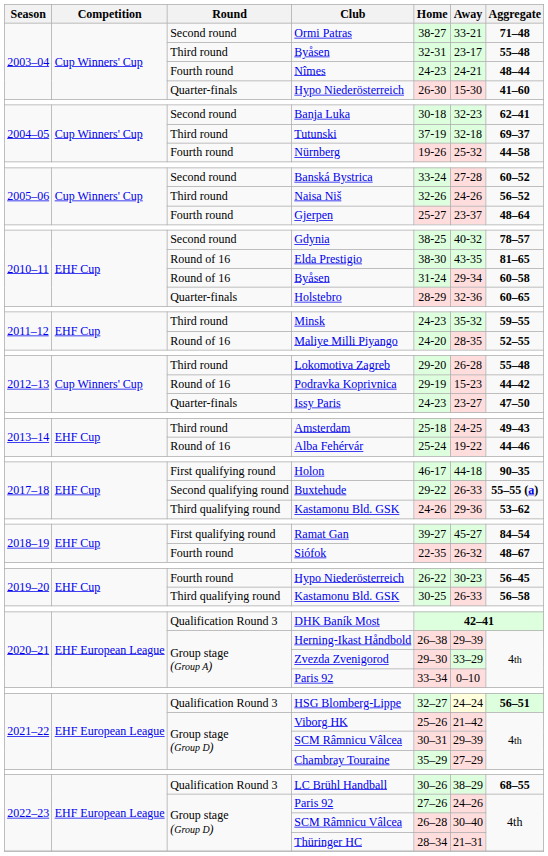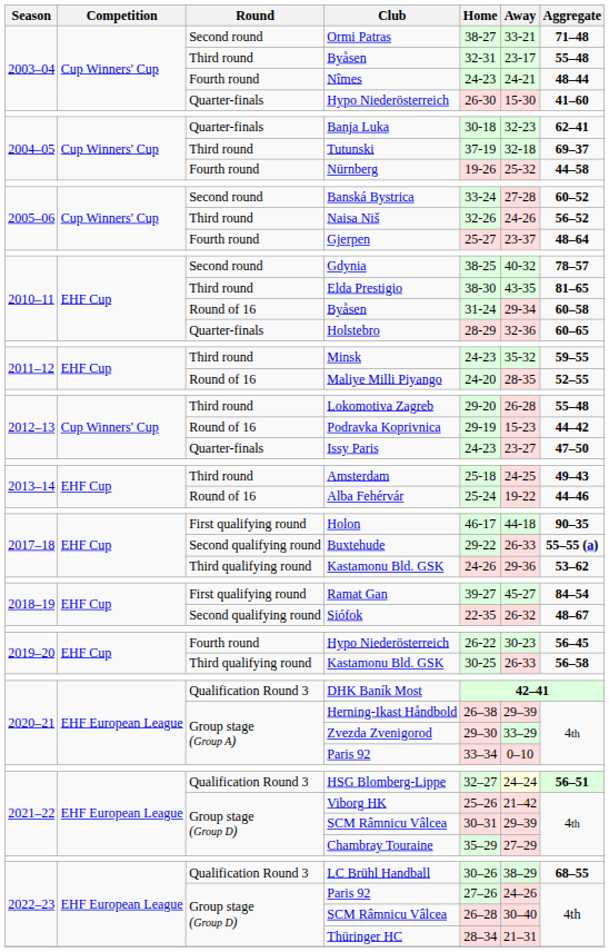 <table class="wikitable" style="text-align: left">
 <tr>
 <th>Season</th>
 <th>Competition</th>
 <th>Round</th>
 <th>Club</th>
 <th>Home</th>
 <th>Away</th>
 <th>Aggregate</th>
 </tr>
 <tr>
 <td rowspan=4><a href='#'>2003–04</a></td>
 <td rowspan=4><a href='#'>Cup Winners' Cup</a></td>
 <td>Second round</td>
 <td> <a href='#'>Ormi Patras</a></td>
 <td style="text-align:center; background:#dfd;">38-27</td>
 <td style="text-align:center; background:#dfd;">33-21</td>
 <td style="text-align:center;"><strong>71–48</strong></td>
 </tr>
 <tr>
 <td>Third round</td>
 <td> <a href='#'>Byåsen</a></td>
 <td style="text-align:center; background:#dfd;">32-31</td>
 <td style="text-align:center; background:#dfd;">23-17</td>
 <td style="text-align:center;"><strong>55–48</strong></td>
 </tr>
 <tr>
 <td>Fourth round</td>
 <td> <a href='#'>Nîmes</a></td>
 <td style="text-align:center; background:#dfd;">24-23</td>
 <td style="text-align:center; background:#dfd;">24-21</td>
 <td style="text-align:center;"><strong>48–44</strong></td>
 </tr>
 <tr>
 <td>Quarter-finals</td>
 <td> <a href='#'>Hypo Niederösterreich</a></td>
 <td style="text-align:center; background:#fdd;">26-30</td>
 <td style="text-align:center; background:#fdd;">15-30</td>
 <td style="text-align:center;"><strong>41–60</strong></td>
 </tr>
 <tr>
 <td colspan=7 style="text-align: center;" bgcolor=white></td>
 </tr>
 <tr>
 <td rowspan=3><a href='#'>2004–05</a></td>
 <td rowspan=3><a href='#'>Cup Winners' Cup</a></td>
-<td>Second round</td>
+<td>Quarter-finals</td>
 <td> <a href='#'>Banja Luka</a></td>
 <td style="text-align:center; background:#dfd;">30-18</td>
 <td style="text-align:center; background:#dfd;">32-23</td>
 <td style="text-align:center;"><strong>62–41</strong></td>
 </tr>
 <tr>
 <td>Third round</td>
 <td> <a href='#'>Tutunski</a></td>
 <td style="text-align:center; background:#dfd;">37-19</td>
 <td style="text-align:center; background:#dfd;">32-18</td>
 <td style="text-align:center;"><strong>69–37</strong></td>
 </tr>
 <tr>
 <td>Fourth round</td>
 <td> <a href='#'>Nürnberg</a></td>
 <td style="text-align:center; background:#fdd;">19-26</td>
 <td style="text-align:center; background:#fdd;">25-32</td>
 <td style="text-align:center;"><strong>44–58</strong></td>
 </tr>
 <tr>
 <td colspan=7 style="text-align: center;" bgcolor=white></td>
 </tr>
 <tr>
 <td rowspan=3><a href='#'>2005–06</a></td>
 <td rowspan=3><a href='#'>Cup Winners' Cup</a></td>
 <td>Second round</td>
 <td> <a href='#'>Banská Bystrica</a></td>
 <td style="text-align:center; background:#dfd;">33-24</td>
 <td style="text-align:center; background:#fdd;">27-28</td>
 <td style="text-align:center;"><strong>60–52</strong></td>
 </tr>
 <tr>
 <td>Third round</td>
 <td> <a href='#'>Naisa Niš</a></td>
 <td style="text-align:center; background:#dfd;">32-26</td>
 <td style="text-align:center; background:#fdd;">24-26</td>
 <td style="text-align:center;"><strong>56–52</strong></td>
 </tr>
 <tr>
 <td>Fourth round</td>
 <td> <a href='#'>Gjerpen</a></td>
 <td style="text-align:center; background:#fdd;">25-27</td>
 <td style="text-align:center; background:#fdd;">23-37</td>
 <td style="text-align:center;"><strong>48–64</strong></td>
 </tr>
 <tr>
 <td colspan=7 style="text-align: center;" bgcolor=white></td>
 </tr>
 <tr>
 <td rowspan=4><a href='#'>2010–11</a></td>
 <td rowspan=4><a href='#'>EHF Cup</a></td>
 <td>Second round</td>
 <td> <a href='#'>Gdynia</a></td>
 <td style="text-align:center; background:#dfd;">38-25</td>
 <td style="text-align:center; background:#dfd;">40-32</td>
 <td style="text-align:center;"><strong>78–57</strong></td>
 </tr>
 <tr>
-<td>Round of 16</td>
+<td>Third round</td>
 <td> <a href='#'>Elda Prestigio</a></td>
 <td style="text-align:center; background:#dfd;">38-30</td>
 <td style="text-align:center; background:#dfd;">43-35</td>
 <td style="text-align:center;"><strong>81–65</strong></td>
 </tr>
 <tr>
 <td>Round of 16</td>
 <td> <a href='#'>Byåsen</a></td>
 <td style="text-align:center; background:#dfd;">31-24</td>
 <td style="text-align:center; background:#fdd;">29-34</td>
 <td style="text-align:center;"><strong>60–58</strong></td>
 </tr>
 <tr>
 <td>Quarter-finals</td>
 <td> <a href='#'>Holstebro</a></td>
 <td style="text-align:center; background:#fdd;">28-29</td>
 <td style="text-align:center; background:#fdd;">32-36</td>
 <td style="text-align:center;"><strong>60–65</strong></td>
 </tr>
 <tr>
 <td colspan=7 style="text-align: center;" bgcolor=white></td>
 </tr>
 <tr>
 <td rowspan=2><a href='#'>2011–12</a></td>
 <td rowspan=2><a href='#'>EHF Cup</a></td>
 <td>Third round</td>
 <td> <a href='#'>Minsk</a></td>
 <td style="text-align:center; background:#dfd;">24-23</td>
 <td style="text-align:center; background:#dfd;">35-32</td>
 <td style="text-align:center;"><strong>59–55</strong></td>
 </tr>
 <tr>
 <td>Round of 16</td>
 <td> <a href='#'>Maliye Milli Piyango</a></td>
 <td style="text-align:center; background:#dfd;">24-20</td>
 <td style="text-align:center; background:#fdd;">28-35</td>
 <td style="text-align:center;"><strong>52–55</strong></td>
 </tr>
 <tr>
 <td colspan=7 style="text-align: center;" bgcolor=white></td>
 </tr>
 <tr>
 <td rowspan=3><a href='#'>2012–13</a></td>
 <td rowspan=3><a href='#'>Cup Winners' Cup</a></td>
 <td>Third round</td>
 <td> <a href='#'>Lokomotiva Zagreb</a></td>
 <td style="text-align:center; background:#dfd;">29-20</td>
 <td style="text-align:center; background:#fdd;">26-28</td>
 <td style="text-align:center;"><strong>55–48</strong></td>
 </tr>
 <tr>
 <td>Round of 16</td>
 <td> <a href='#'>Podravka Koprivnica</a></td>
 <td style="text-align:center; background:#dfd;">29-19</td>
 <td style="text-align:center; background:#fdd;">15-23</td>
 <td style="text-align:center;"><strong>44–42</strong></td>
 </tr>
 <tr>
 <td>Quarter-finals</td>
 <td> <a href='#'>Issy Paris</a></td>
 <td style="text-align:center; background:#dfd;">24-23</td>
 <td style="text-align:center; background:#fdd;">23-27</td>
 <td style="text-align:center;"><strong>47–50</strong></td>
 </tr>
 <tr>
 <td colspan=7 style="text-align: center;" bgcolor=white></td>
 </tr>
 <tr>
 <td rowspan=2><a href='#'>2013–14</a></td>
 <td rowspan=2><a href='#'>EHF Cup</a></td>
 <td>Third round</td>
 <td> <a href='#'>Amsterdam</a></td>
 <td style="text-align:center; background:#dfd;">25-18</td>
 <td style="text-align:center; background:#fdd;">24-25</td>
 <td style="text-align:center;"><strong>49–43</strong></td>
 </tr>
 <tr>
 <td>Round of 16</td>
 <td> <a href='#'>Alba Fehérvár</a></td>
 <td style="text-align:center; background:#dfd;">25-24</td>
 <td style="text-align:center; background:#fdd;">19-22</td>
 <td style="text-align:center;"><strong>44–46</strong></td>
 </tr>
 <tr>
 <td colspan=7 style="text-align: center;" bgcolor=white></td>
 </tr>
 <tr>
 <td rowspan=3><a href='#'>2017–18</a></td>
 <td rowspan=3><a href='#'>EHF Cup</a></td>
 <td>First qualifying round</td>
 <td> <a href='#'>Holon</a></td>
 <td style="text-align:center; background:#dfd;">46-17</td>
 <td style="text-align:center; background:#dfd;">44-18</td>
 <td style="text-align:center;"><strong>90–35</strong></td>
 </tr>
 <tr>
 <td>Second qualifying round</td>
 <td> <a href='#'>Buxtehude</a></td>
 <td style="text-align:center; background:#dfd;">29-22</td>
 <td style="text-align:center; background:#fdd;">26-33</td>
 <td style="text-align:center;"><strong>55–55 (<a href='#'>a</a>)</strong></td>
 </tr>
 <tr>
 <td>Third qualifying round</td>
 <td> <a href='#'>Kastamonu Bld. GSK</a></td>
 <td style="text-align:center; background:#fdd;">24-26</td>
 <td style="text-align:center; background:#fdd;">29-36</td>
 <td style="text-align:center;"><strong>53–62</strong></td>
 </tr>
 <tr>
 <td colspan=7 style="text-align: center;" bgcolor=white></td>
 </tr>
 <tr>
 <td rowspan=2><a href='#'>2018–19</a></td>
 <td rowspan=2><a href='#'>EHF Cup</a></td>
 <td>First qualifying round</td>
 <td> <a href='#'>Ramat Gan</a></td>
 <td style="text-align:center; background:#dfd;">39-27</td>
 <td style="text-align:center; background:#dfd;">45-27</td>
 <td style="text-align:center;"><strong>84–54</strong></td>
 </tr>
 <tr>
-<td>Fourth round</td>
+<td>Second qualifying round</td>
 <td> <a href='#'>Siófok</a></td>
 <td style="text-align:center; background:#fdd;">22-35</td>
 <td style="text-align:center; background:#fdd;">26-32</td>
 <td style="text-align:center;"><strong>48–67</strong></td>
 </tr>
 <tr>
 <td colspan=7 style="text-align: center;" bgcolor=white></td>
 </tr>
 <tr>
 <td rowspan=2><a href='#'>2019–20</a></td>
 <td rowspan=2><a href='#'>EHF Cup</a></td>
 <td>Fourth round</td>
 <td> <a href='#'>Hypo Niederösterreich</a></td>
 <td style="text-align:center; background:#dfd;">26-22</td>
 <td style="text-align:center; background:#dfd;">30-23</td>
 <td style="text-align:center;"><strong>56–45</strong></td>
 </tr>
 <tr>
 <td>Third qualifying round</td>
 <td> <a href='#'>Kastamonu Bld. GSK</a></td>
 <td style="text-align:center; background:#dfd;">30-25</td>
 <td style="text-align:center; background:#fdd;">26-33</td>
 <td style="text-align:center;"><strong>56–58</strong></td>
 </tr>
 <tr>
 <td colspan=7 style="text-align: center;" bgcolor=white></td>
 </tr>
 <tr>
 <td rowspan=4><a href='#'>2020–21</a></td>
 <td rowspan=4><a href='#'>EHF European League</a></td>
 <td>Qualification Round 3</td>
 <td> <a href='#'>DHK Baník Most</a></td>
 <td colspan=3; style="text-align:center; background:#dfd;"><strong>42–41</strong></td>
 </tr>
 <tr>
 <td rowspan=3>Group stage<br><em>(<small>Group A</small>)</em></td>
 <td> <a href='#'>Herning-Ikast Håndbold</a></td>
 <td style="text-align:center; background:#fdd;">26–38</td>
 <td style="text-align:center; background:#fdd;">29–39</td>
 <td align=center rowspan=3>4<small>th</small></td>
 </tr>
 <tr>
 <td> <a href='#'>Zvezda Zvenigorod</a></td>
 <td style="text-align:center; background:#fdd;">29–30</td>
 <td style="text-align:center; background:#dfd;">33–29</td>
 </tr>
 <tr>
 <td> <a href='#'>Paris 92</a></td>
 <td style="text-align:center; background:#fdd;">33–34</td>
 <td style="text-align:center; background:#fdd;">0–10</td>
 </tr>
 <tr>
 <td colspan=7 style="text-align: center;" bgcolor=white></td>
 </tr>
 <tr>
 <td rowspan=4><a href='#'>2021–22</a></td>
 <td rowspan=4><a href='#'>EHF European League</a></td>
 <td>Qualification Round 3</td>
 <td> <a href='#'>HSG Blomberg-Lippe</a></td>
 <td style="text-align:center; background:#dfd;">32–27</td>
 <td style="text-align:center; background:#ffd;">24–24</td>
 <td style="text-align:center; background:#dfd;"><strong>56–51</strong></td>
 </tr>
 <tr>
 <td rowspan=3>Group stage<br><em>(<small>Group D</small>)</em></td>
 <td> <a href='#'>Viborg HK</a></td>
 <td style="text-align:center; background:#fdd;">25–26</td>
 <td style="text-align:center; background:#fdd;">21–42</td>
 <td align=center rowspan=3>4<small>th</small></td>
 </tr>
 <tr>
 <td> <a href='#'>SCM Râmnicu Vâlcea</a></td>
 <td style="text-align:center; background:#fdd;">30–31</td>
 <td style="text-align:center; background:#fdd;">29–39</td>
 </tr>
 <tr>
 <td> <a href='#'>Chambray Touraine</a></td>
 <td style="text-align:center; background:#dfd;">35–29</td>
 <td style="text-align:center; background:#fdd;">27–29</td>
 </tr>
 <tr>
 <td colspan=7 style="text-align: center;" bgcolor=white></td>
 </tr>
 <tr>
 <td rowspan=4><a href='#'>2022–23</a></td>
 <td rowspan=4><a href='#'>EHF European League</a></td>
 <td>Qualification Round 3</td>
 <td> <a href='#'>LC Brühl Handball</a></td>
 <td style="text-align:center; background:#dfd;">30–26</td>
 <td style="text-align:center; background:#dfd;">38–29</td>
 <td style="text-align:center;"><strong>68–55</strong></td>
 </tr>
 <tr>
 <td rowspan=3>Group stage<br><em>(<small>Group D</small>)</em></td>
 <td> <a href='#'>Paris 92</a></td>
 <td style="text-align:center; background:#dfd;">27–26</td>
 <td style="text-align:center; background:#fdd;">24–26</td>
 <td align=center rowspan=3>4th</td>
 </tr>
 <tr>
 <td> <a href='#'>SCM Râmnicu Vâlcea</a></td>
 <td style="text-align:center; background:#fdd;">26–28</td>
 <td style="text-align:center; background:#fdd;">30–40</td>
 </tr>
 <tr>
 <td> <a href='#'>Thüringer HC</a></td>
 <td style="text-align:center; background:#fdd;">28–34</td>
 <td style="text-align:center; background:#fdd;">21–31</td>
 </tr>
 <tr>
 </tr>
 </table>
